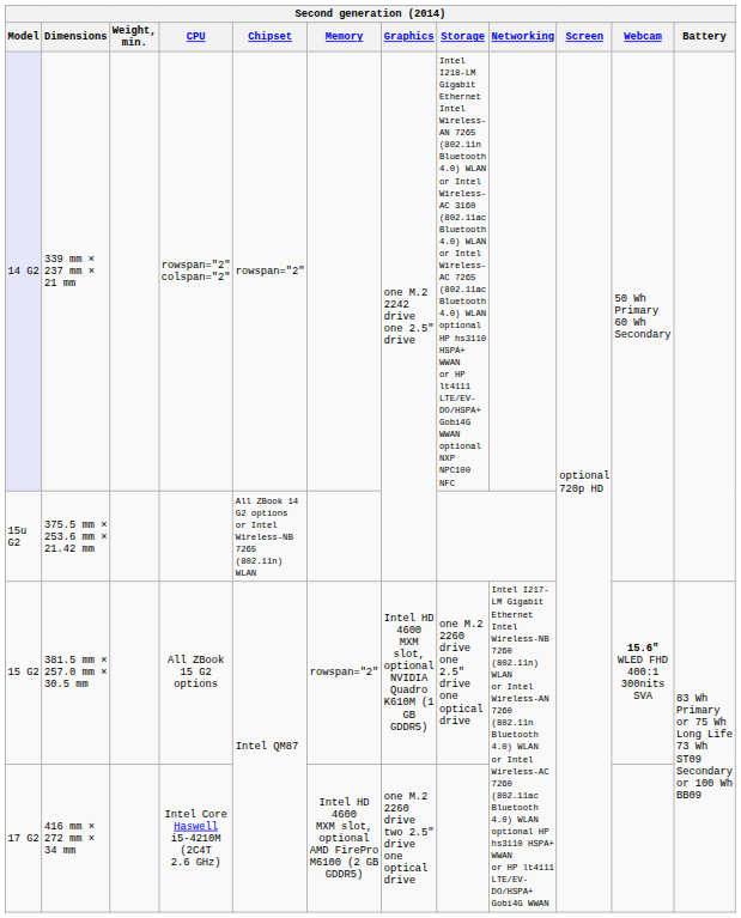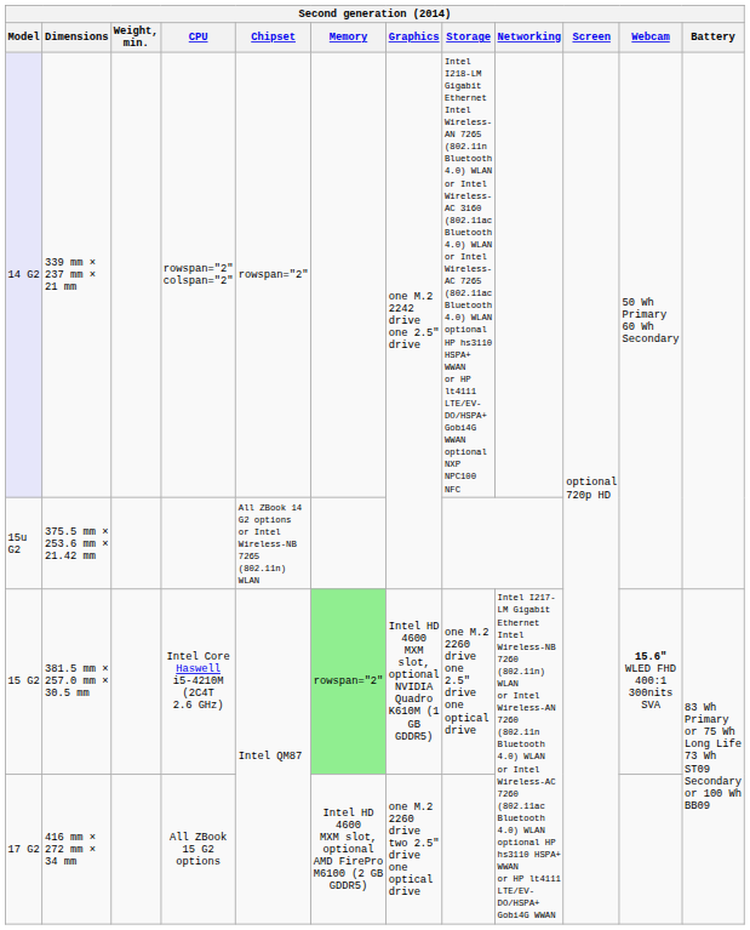 <table class="wikitable" style="font-size: 80%; width: 100%;">
 <tr>
 <th colspan="13">Second generation (2014)</th>
 </tr>
 <tr>
 <th width="6%">Model</th>
 <th>Dimensions</th>
 <th>Weight, min.</th>
 <th><a href='#'>CPU</a></th>
 <th><a href='#'>Chipset</a></th>
 <th><a href='#'>Memory</a></th>
 <th><a href='#'>Graphics</a></th>
 <th><a href='#'>Storage</a></th>
 <th><a href='#'>Networking</a></th>
 <th><a href='#'>Screen</a></th>
 <th><a href='#'>Webcam</a></th>
 <th>Battery</th>
 </tr>
 <tr>
 <td style="background: lavender;">14 G2 </td>
 <td>339 mm × 237 mm × 21 mm</td>
 <td></td>
 <td>rowspan="2" colspan="2" </td>
 <td>rowspan="2" </td>
 <td></td>
 <td rowspan="2">one M.2 2242 drive<br>one 2.5" drive</td>
 <td><small>Intel I218-LM Gigabit Ethernet<br>Intel Wireless-AN 7265 (802.11n Bluetooth 4.0) WLAN<br><span>or Intel Wireless-AC 3160 (802.11ac Bluetooth 4.0) WLAN<br>or Intel Wireless-AC 7265 (802.11ac Bluetooth 4.0) WLAN</span><br>optional HP hs3110 HSPA+ WWAN<br><span>or HP lt4111 LTE/EV-DO/HSPA+ Gobi4G WWAN</span><br>optional NXP NPC100 NFC</small></td>
 <td></td>
 <td rowspan="4">optional 720p HD<br></td>
 <td rowspan="2">50 Wh Primary<br>60 Wh Secondary</td>
 </tr>
 <tr>
 <td>15u G2 </td>
 <td>375.5 mm × 253.6 mm × 21.42 mm</td>
 <td></td>
 <td></td>
 <td><small>All ZBook 14 G2 options<br><span>or Intel Wireless-NB 7265 (802.11n) WLAN</span></small></td>
 <td></td>
 </tr>
 <tr>
 <td>15 G2 </td>
 <td>381.5 mm × 257.0 mm × 30.5 mm</td>
 <td></td>
-<td style="text-align:center;background:">All ZBook 15 G2 options<br></td>
+<td style="text-align:center;background:">Intel Core <a href='#'>Haswell</a> <br> i5-4210M (2C4T 2.6 GHz)<br></td>
 <td rowspan="2">Intel QM87</td>
-<td>rowspan="2" </td>
+<td style="background: lightgreen;">rowspan="2" </td>
 <td style="text-align:center;background:">Intel HD 4600<br>MXM slot, optional NVIDIA Quadro K610M (1 GB GDDR5)<br></td>
 <td>one M.2 2260 drive<br>one 2.5" drive<br>one optical drive</td>
 <td rowspan="2"><small>Intel I217-LM Gigabit Ethernet<br>Intel Wireless-NB 7260 (802.11n) WLAN<br><span>or Intel Wireless-AN 7260 (802.11n Bluetooth 4.0) WLAN<br>or Intel Wireless-AC 7260 (802.11ac Bluetooth 4.0) WLAN</span><br>optional HP hs3110 HSPA+ WWAN<br><span>or HP lt4111 LTE/EV-DO/HSPA+ Gobi4G WWAN</span></small></td>
 <td style="text-align:center;background:"><strong>15.6"</strong> WLED FHD 400:1 300nits SVA<br></td>
 <td rowspan="2">83 Wh Primary<br><span>or 75 Wh Long Life</span><br>73 Wh ST09 Secondary<br><span>or 100 Wh BB09</span></td>
 </tr>
 <tr>
 <td>17 G2 </td>
 <td>416 mm × 272 mm × 34 mm</td>
 <td></td>
-<td style="text-align:center;background:">Intel Core <a href='#'>Haswell</a> <br> i5-4210M (2C4T 2.6 GHz)<br></td>
+<td style="text-align:center;background:">All ZBook 15 G2 options<br></td>
 <td style="text-align:center;background:">Intel HD 4600<br>MXM slot, optional AMD FirePro M6100 (2 GB GDDR5)<br></td>
 <td>one M.2 2260 drive<br>two 2.5" drive<br>one optical drive</td>
 <td></td>
 </tr>
 </table>
